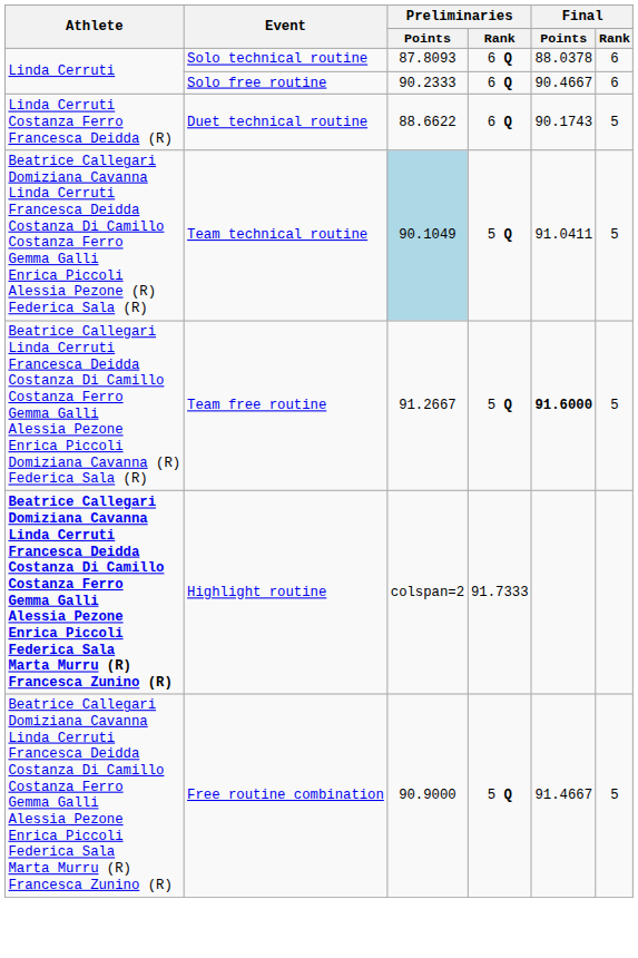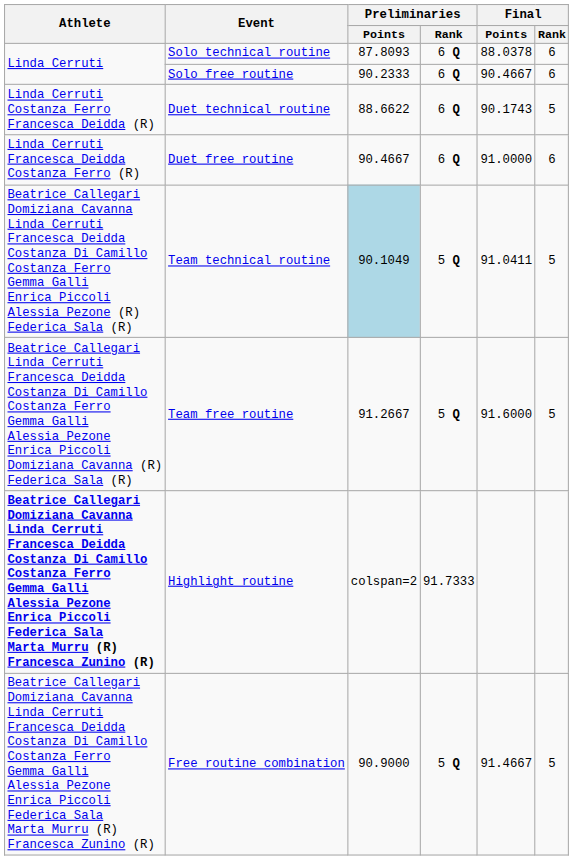 <table class=wikitable style="font-size:90%">
 <tr>
 <th rowspan="2">Athlete</th>
 <th rowspan="2">Event</th>
 <th colspan="2">Preliminaries</th>
 <th colspan="2">Final</th>
 </tr>
 <tr style="font-size:95%">
 <th>Points</th>
 <th>Rank</th>
 <th>Points</th>
 <th>Rank</th>
 </tr>
 <tr align=center>
 <td align=left rowspan=2><a href='#'>Linda Cerruti</a></td>
 <td align=left><a href='#'>Solo technical routine</a></td>
 <td>87.8093</td>
 <td>6 <strong>Q</strong></td>
 <td>88.0378</td>
 <td>6</td>
 </tr>
 <tr align=center>
 <td align=left><a href='#'>Solo free routine</a></td>
 <td>90.2333</td>
 <td>6 <strong>Q</strong></td>
 <td>90.4667</td>
 <td>6</td>
 </tr>
 <tr align=center>
 <td align=left><a href='#'>Linda Cerruti</a><br><a href='#'>Costanza Ferro</a><br><a href='#'>Francesca Deidda</a> (R)</td>
 <td align=left><a href='#'>Duet technical routine</a></td>
 <td>88.6622</td>
 <td>6 <strong>Q</strong></td>
 <td>90.1743</td>
 <td>5</td>
 </tr>
 <tr align=center>
+<td align=left><a href='#'>Linda Cerruti</a><br><a href='#'>Francesca Deidda</a><br><a href='#'>Costanza Ferro</a> (R)</td>
+<td align=left><a href='#'>Duet free routine</a></td>
+<td>90.4667</td>
+<td>6 <strong>Q</strong></td>
+<td>91.0000</td>
+<td>6</td>
+</tr>
+<tr align=center>
 <td align=left><a href='#'>Beatrice Callegari</a><br><a href='#'>Domiziana Cavanna</a><br><a href='#'>Linda Cerruti</a><br><a href='#'>Francesca Deidda</a><br><a href='#'>Costanza Di Camillo</a><br><a href='#'>Costanza Ferro</a><br><a href='#'>Gemma Galli</a><br><a href='#'>Enrica Piccoli</a><br><a href='#'>Alessia Pezone</a> (R)<br><a href='#'>Federica Sala</a> (R)</td>
 <td align=left><a href='#'>Team technical routine</a></td>
 <td style="background: lightblue;">90.1049</td>
 <td>5 <strong>Q</strong></td>
 <td>91.0411</td>
 <td>5</td>
 </tr>
 <tr align=center>
 <td align=left><a href='#'>Beatrice Callegari</a><br><a href='#'>Linda Cerruti</a><br><a href='#'>Francesca Deidda</a><br><a href='#'>Costanza Di Camillo</a><br><a href='#'>Costanza Ferro</a><br><a href='#'>Gemma Galli</a><br><a href='#'>Alessia Pezone</a><br><a href='#'>Enrica Piccoli</a><br><a href='#'>Domiziana Cavanna</a> (R)<br><a href='#'>Federica Sala</a> (R)</td>
 <td align=left><a href='#'>Team free routine</a></td>
 <td>91.2667</td>
 <td>5 <strong>Q</strong></td>
-<td><strong>91.6000</strong></td>
+<td>91.6000</td>
 <td>5</td>
 </tr>
 <tr align=center>
 <td align=left><strong><a href='#'>Beatrice Callegari</a><br><a href='#'>Domiziana Cavanna</a><br><a href='#'>Linda Cerruti</a><br><a href='#'>Francesca Deidda</a><br><a href='#'>Costanza Di Camillo</a><br><a href='#'>Costanza Ferro</a><br><a href='#'>Gemma Galli</a><br><a href='#'>Alessia Pezone</a><br><a href='#'>Enrica Piccoli</a><br><a href='#'>Federica Sala</a><br><a href='#'>Marta Murru</a> (R)<br><a href='#'>Francesca Zunino</a> (R)</strong></td>
 <td align=left><a href='#'>Highlight routine</a></td>
 <td>colspan=2 </td>
 <td>91.7333</td>
 <td></td>
 </tr>
 <tr align=center>
 <td align=left><a href='#'>Beatrice Callegari</a><br><a href='#'>Domiziana Cavanna</a><br><a href='#'>Linda Cerruti</a><br><a href='#'>Francesca Deidda</a><br><a href='#'>Costanza Di Camillo</a><br><a href='#'>Costanza Ferro</a><br><a href='#'>Gemma Galli</a><br><a href='#'>Alessia Pezone</a><br><a href='#'>Enrica Piccoli</a><br><a href='#'>Federica Sala</a><br><a href='#'>Marta Murru</a> (R)<br><a href='#'>Francesca Zunino</a> (R)</td>
 <td align=left><a href='#'>Free routine combination</a></td>
 <td>90.9000</td>
 <td>5 <strong>Q</strong></td>
 <td>91.4667</td>
 <td>5</td>
 </tr>
 </table>
